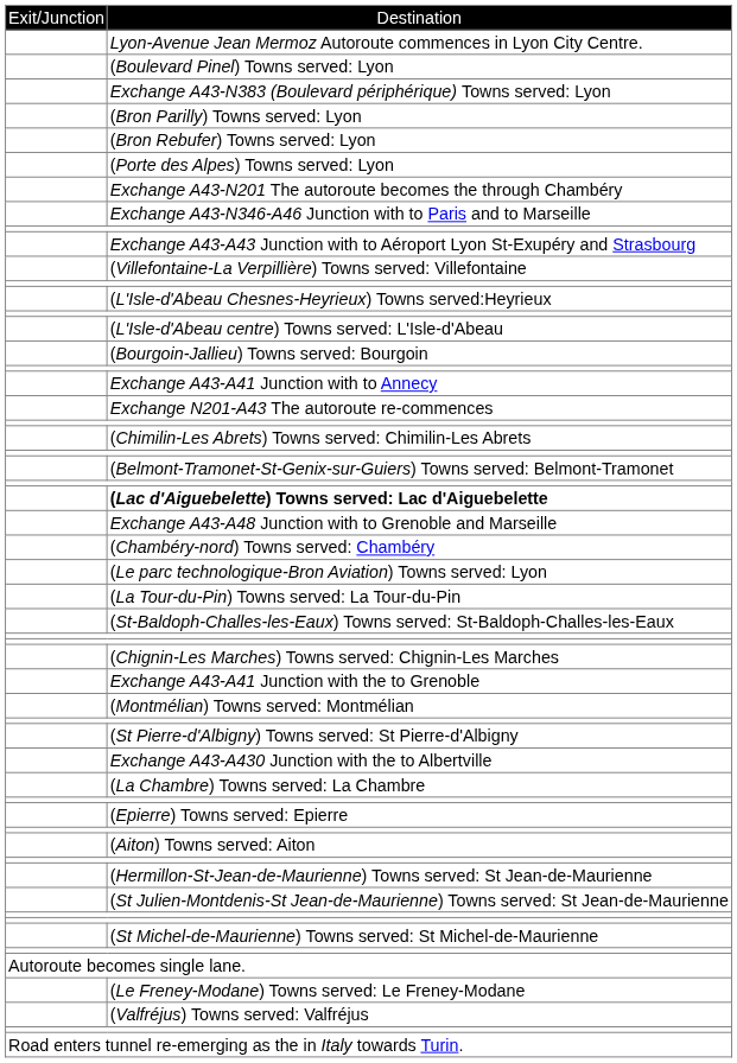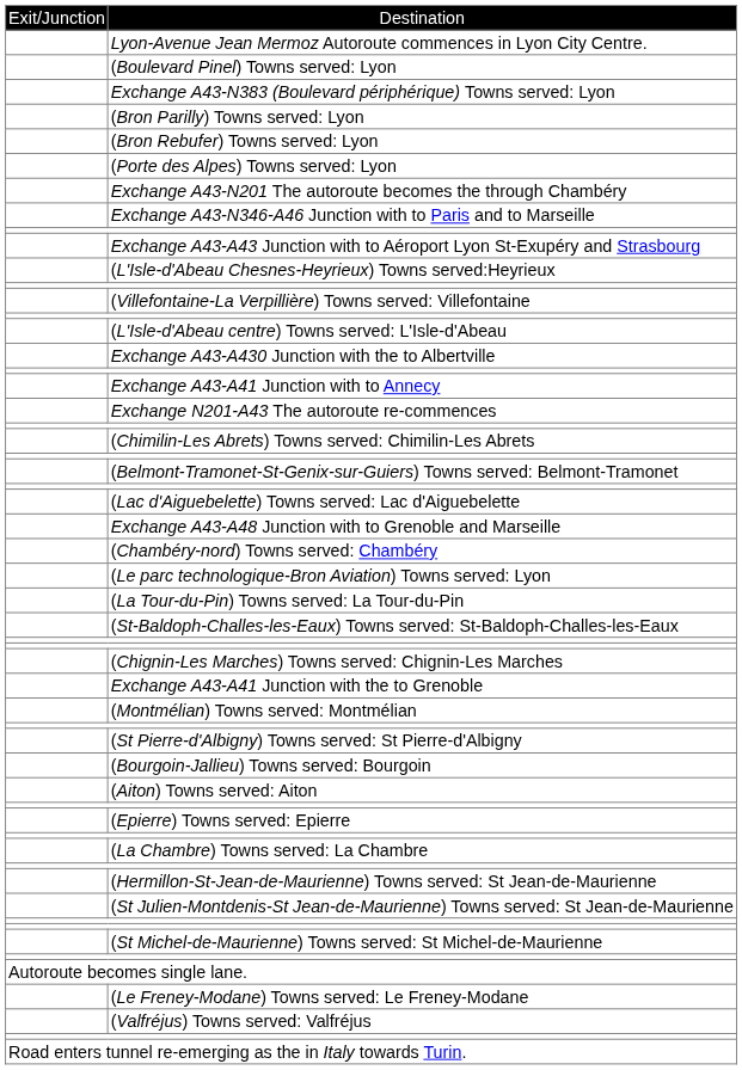 <table border=1 cellpadding=2 style="margin-left:1em; margin-bottom: 1em; color: black; border-collapse: collapse; font-size: 95%;">
 <tr align="center" bgcolor="000000" style="color: white">
 <td>Exit/Junction</td>
 <td>Destination</td>
 </tr>
 <tr>
 <td> </td>
 <td><em>Lyon-Avenue Jean Mermoz</em> Autoroute commences in Lyon City Centre.</td>
 </tr>
 <tr>
 <td></td>
 <td>(<em>Boulevard Pinel</em>) Towns served: Lyon</td>
 </tr>
 <tr>
 <td></td>
 <td><em>Exchange A43-N383 (Boulevard périphérique) </em> Towns served: Lyon</td>
 </tr>
 <tr>
 <td></td>
 <td>(<em>Bron Parilly</em>) Towns served: Lyon</td>
 </tr>
 <tr>
 <td></td>
 <td>(<em>Bron Rebufer</em>) Towns served: Lyon</td>
 </tr>
 <tr>
 <td></td>
 <td>(<em>Porte des Alpes</em>) Towns served: Lyon</td>
 </tr>
 <tr>
 <td></td>
 <td><em>Exchange A43-N201</em> The autoroute becomes the  through Chambéry</td>
 </tr>
 <tr>
 <td> </td>
 <td><em>Exchange A43-N346-A46</em> Junction with  to <a href='#'>Paris</a> and  to Marseille</td>
 </tr>
 <tr>
 <td colspan="2"></td>
 </tr>
 <tr>
 <td></td>
 <td><em>Exchange A43-A43</em> Junction with  to Aéroport Lyon St-Exupéry and <a href='#'>Strasbourg</a></td>
 </tr>
 <tr>
 <td></td>
-<td>(<em>Villefontaine-La Verpillière</em>) Towns served: Villefontaine</td>
+<td>(<em>L'Isle-d'Abeau Chesnes-Heyrieux</em>) Towns served:Heyrieux</td>
 </tr>
 <tr>
 <td colspan="2"></td>
 </tr>
 <tr>
 <td></td>
-<td>(<em>L'Isle-d'Abeau Chesnes-Heyrieux</em>) Towns served:Heyrieux</td>
+<td>(<em>Villefontaine-La Verpillière</em>) Towns served: Villefontaine</td>
 </tr>
 <tr>
 <td colspan="2"></td>
 </tr>
 <tr>
 <td></td>
 <td>(<em>L'Isle-d'Abeau centre</em>) Towns served: L'Isle-d'Abeau</td>
 </tr>
 <tr>
 <td></td>
-<td>(<em>Bourgoin-Jallieu</em>) Towns served: Bourgoin</td>
+<td><em>Exchange A43-A430</em> Junction with the  to Albertville</td>
 </tr>
 <tr>
 <td colspan="2"></td>
 </tr>
 <tr>
 <td></td>
 <td><em>Exchange A43-A41</em> Junction with  to <a href='#'>Annecy</a></td>
 </tr>
 <tr>
 <td></td>
 <td><em>Exchange N201-A43</em> The autoroute re-commences</td>
 </tr>
 <tr>
 <td colspan="2"></td>
 </tr>
 <tr>
 <td></td>
 <td>(<em>Chimilin-Les Abrets</em>) Towns served: Chimilin-Les Abrets</td>
 </tr>
 <tr>
 <td colspan="2"></td>
 </tr>
 <tr>
 <td></td>
 <td>(<em>Belmont-Tramonet-St-Genix-sur-Guiers</em>) Towns served: Belmont-Tramonet</td>
 </tr>
 <tr>
 <td colspan="2"></td>
 </tr>
 <tr>
 <td></td>
-<td><strong>(<em>Lac d'Aiguebelette</em>) Towns served: Lac d'Aiguebelette</strong></td>
+<td>(<em>Lac d'Aiguebelette</em>) Towns served: Lac d'Aiguebelette</td>
 </tr>
 <tr>
 <td></td>
 <td><em>Exchange A43-A48</em> Junction with  to Grenoble and Marseille</td>
 </tr>
 <tr>
 <td></td>
 <td>(<em>Chambéry-nord</em>) Towns served: <a href='#'>Chambéry</a></td>
 </tr>
 <tr>
 <td></td>
 <td>(<em>Le parc technologique-Bron Aviation</em>) Towns served: Lyon</td>
 </tr>
 <tr>
 <td></td>
 <td>(<em>La Tour-du-Pin</em>) Towns served: La Tour-du-Pin</td>
 </tr>
 <tr>
 <td></td>
 <td>(<em>St-Baldoph-Challes-les-Eaux</em>) Towns served: St-Baldoph-Challes-les-Eaux</td>
 </tr>
 <tr>
 <td colspan="2"></td>
 </tr>
 <tr>
 <td colspan="2"></td>
 </tr>
 <tr>
 <td></td>
 <td>(<em>Chignin-Les Marches</em>) Towns served: Chignin-Les Marches</td>
 </tr>
 <tr>
 <td></td>
 <td><em>Exchange A43-A41</em> Junction with the  to Grenoble</td>
 </tr>
 <tr>
 <td></td>
 <td>(<em>Montmélian</em>) Towns served: Montmélian</td>
 </tr>
 <tr>
 <td colspan="2"></td>
 </tr>
 <tr>
 <td></td>
 <td>(<em>St Pierre-d'Albigny</em>) Towns served: St Pierre-d'Albigny</td>
 </tr>
 <tr>
 <td></td>
-<td><em>Exchange A43-A430</em> Junction with the  to Albertville</td>
+<td>(<em>Bourgoin-Jallieu</em>) Towns served: Bourgoin</td>
 </tr>
 <tr>
 <td></td>
-<td>(<em>La Chambre</em>) Towns served: La Chambre</td>
+<td>(<em>Aiton</em>) Towns served: Aiton</td>
 </tr>
 <tr>
 <td colspan="2"></td>
 </tr>
 <tr>
 <td></td>
 <td>(<em>Epierre</em>) Towns served: Epierre</td>
 </tr>
 <tr>
 <td colspan="2"></td>
 </tr>
 <tr>
 <td></td>
-<td>(<em>Aiton</em>) Towns served: Aiton</td>
+<td>(<em>La Chambre</em>) Towns served: La Chambre</td>
 </tr>
 <tr>
 <td colspan="2"></td>
 </tr>
 <tr>
 <td></td>
 <td>(<em>Hermillon-St-Jean-de-Maurienne</em>) Towns served: St Jean-de-Maurienne</td>
 </tr>
 <tr>
 <td></td>
 <td>(<em>St Julien-Montdenis-St Jean-de-Maurienne</em>) Towns served: St Jean-de-Maurienne</td>
 </tr>
 <tr>
 <td colspan="2"></td>
 </tr>
 <tr>
 <td colspan="2"></td>
 </tr>
 <tr>
 <td></td>
 <td>(<em>St Michel-de-Maurienne</em>) Towns served: St Michel-de-Maurienne</td>
 </tr>
 <tr>
 <td colspan="2"></td>
 </tr>
 <tr>
 <td colspan="2">Autoroute becomes single lane.</td>
 </tr>
 <tr>
 <td></td>
 <td>(<em>Le Freney-Modane</em>) Towns served: Le Freney-Modane</td>
 </tr>
 <tr>
 <td></td>
 <td>(<em>Valfréjus</em>) Towns served: Valfréjus</td>
 </tr>
 <tr>
 <td colspan="2"></td>
 </tr>
 <tr>
 <td colspan="2">Road enters tunnel re-emerging as the  in  <em>Italy</em> towards <a href='#'>Turin</a>.</td>
 </tr>
 </table>
